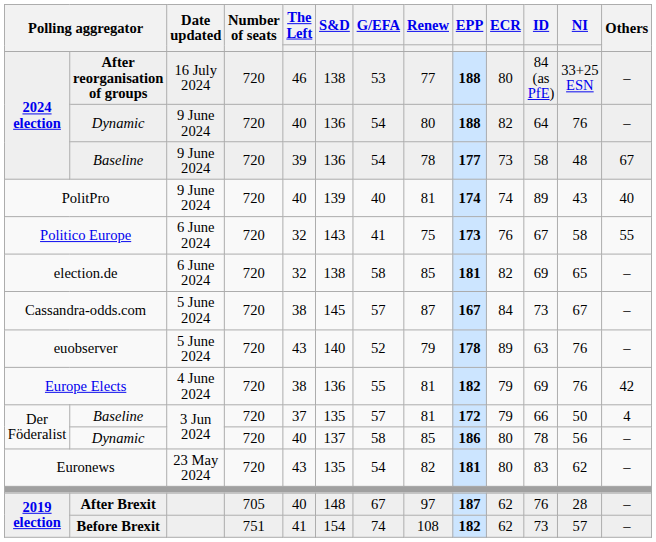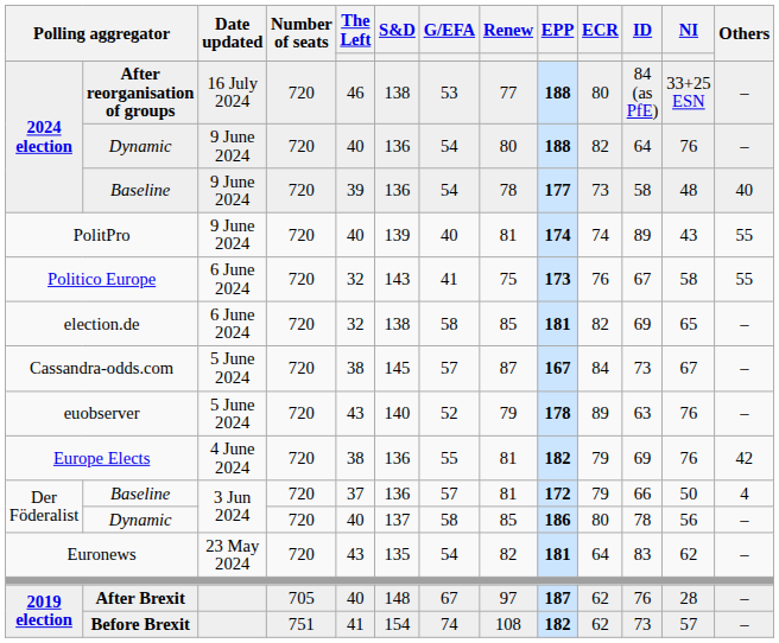 <table class="wikitable collapsible" style="text-align:center; font-size:95%; line-height:16px;">
 <tr style="height:42px;">
 <th colspan="2" rowspan="2">Polling aggregator</th>
 <th rowspan="2" style="width:100px;">Date updated</th>
 <th rowspan="2">Number of seats</th>
 <th class="unsortable" style="width:50px;"><a href='#'>The Left</a></th>
 <th class="unsortable" style="width:50px;"><a href='#'>S&D</a></th>
 <th class="unsortable" style="width:50px;"><a href='#'>G/EFA</a></th>
 <th class="unsortable" style="width:50px;"><a href='#'>Renew</a></th>
 <th class="unsortable" style="width:50px;"><a href='#'>EPP</a></th>
 <th class="unsortable" style="width:50px;"><a href='#'>ECR</a></th>
 <th class="unsortable" style="width:50px;"><a href='#'>ID</a></th>
 <th class="unsortable" style="width:50px;"><a href='#'>NI</a></th>
 <th rowspan="2" class="unsortable" style="width:50px;">Others</th>
 </tr>
 <tr>
 <th data-sort-type="number" style="color:inherit;background:"></th>
 <th data-sort-type="number" style="color:inherit;background:"></th>
 <th data-sort-type="number" style="color:inherit;background:"></th>
 <th data-sort-type="number" style="color:inherit;background:"></th>
 <th data-sort-type="number" style="color:inherit;background:"></th>
 <th data-sort-type="number" style="color:inherit;background:"></th>
 <th data-sort-type="number" style="color:inherit;background:"></th>
 <th data-sort-type="number" style="color:inherit;background:"></th>
 </tr>
 <tr style="background:#EFEFEF;">
 </tr>
 <tr>
 </tr>
 <tr style="background:#EFEFEF;">
 <td rowspan="3"><strong><a href='#'>2024 election</a></strong></td>
 <td><strong>After reorganisation of groups</strong></td>
 <td>16 July 2024</td>
 <td>720</td>
 <td>46</td>
 <td>138</td>
 <td>53</td>
 <td>77</td>
 <td style="background:#CCE5FF;"><strong>188</strong></td>
 <td>80</td>
 <td>84 (as <a href='#'>PfE</a>)</td>
 <td>33+25 <a href='#'>ESN</a></td>
 <td>–</td>
 </tr>
 <tr style="background:#EFEFEF;">
 <td><em>Dynamic</em></td>
 <td>9 June 2024</td>
 <td>720</td>
 <td>40</td>
 <td>136</td>
 <td>54</td>
 <td>80</td>
 <td style="background:#CCE5FF;"><strong>188</strong></td>
 <td>82</td>
 <td>64</td>
 <td>76</td>
 <td>–</td>
 </tr>
 <tr style="background:#EFEFEF;">
 <td><em>Baseline</em></td>
 <td>9 June 2024</td>
 <td>720</td>
 <td>39</td>
 <td>136</td>
 <td>54</td>
 <td>78</td>
 <td style="background:#CCE5FF;"><strong>177</strong></td>
 <td>73</td>
 <td>58</td>
 <td>48</td>
-<td>67</td>
+<td>40</td>
 </tr>
 <tr>
 <td colspan="2">PolitPro</td>
 <td>9 June 2024</td>
 <td>720</td>
 <td>40</td>
 <td>139</td>
 <td>40</td>
 <td>81</td>
 <td style="background:#CCE5FF;"><strong>174</strong></td>
 <td>74</td>
 <td>89</td>
 <td>43</td>
-<td>40</td>
+<td>55</td>
 </tr>
 <tr>
 <td colspan="2"><a href='#'>Politico Europe</a></td>
 <td>6 June 2024</td>
 <td>720</td>
 <td>32</td>
 <td>143</td>
 <td>41</td>
 <td>75</td>
 <td style="background:#CCE5FF;"><strong>173</strong></td>
 <td>76</td>
 <td>67</td>
 <td>58</td>
 <td>55</td>
 </tr>
 <tr>
 <td colspan="2">election.de</td>
 <td>6 June 2024</td>
 <td>720</td>
 <td>32</td>
 <td>138</td>
 <td>58</td>
 <td>85</td>
 <td style="background:#CCE5FF;"><strong>181</strong></td>
 <td>82</td>
 <td>69</td>
 <td>65</td>
 <td>–</td>
 </tr>
 <tr>
 <td colspan="2">Cassandra-odds.com</td>
 <td>5 June 2024</td>
 <td>720</td>
 <td>38</td>
 <td>145</td>
 <td>57</td>
 <td>87</td>
 <td style="background:#CCE5FF;"><strong>167</strong></td>
 <td>84</td>
 <td>73</td>
 <td>67</td>
 <td>–</td>
 </tr>
 <tr>
 <td colspan="2">euobserver</td>
 <td>5 June 2024</td>
 <td>720</td>
 <td>43</td>
 <td>140</td>
 <td>52</td>
 <td>79</td>
 <td style="background:#CCE5FF;"><strong>178</strong></td>
 <td>89</td>
 <td>63</td>
 <td>76</td>
 <td>–</td>
 </tr>
 <tr>
 <td colspan="2"><a href='#'>Europe Elects</a></td>
 <td>4 June 2024</td>
 <td>720</td>
 <td>38</td>
 <td>136</td>
 <td>55</td>
 <td>81</td>
 <td style="background:#CCE5FF;"><strong>182</strong></td>
 <td>79</td>
 <td>69</td>
 <td>76</td>
 <td>42</td>
 </tr>
 <tr>
 <td rowspan="2">Der Föderalist</td>
 <td><em>Baseline</em></td>
 <td rowspan="2">3 Jun 2024</td>
 <td>720</td>
 <td>37</td>
-<td>135</td>
+<td>136</td>
 <td>57</td>
 <td>81</td>
 <td style="background:#CCE5FF;"><strong>172</strong></td>
 <td>79</td>
 <td>66</td>
 <td>50</td>
 <td>4</td>
 </tr>
 <tr>
 <td><em>Dynamic</em></td>
 <td>720</td>
 <td>40</td>
 <td>137</td>
 <td>58</td>
 <td>85</td>
 <td style="background:#CCE5FF;"><strong>186</strong></td>
 <td>80</td>
 <td>78</td>
 <td>56</td>
 <td>–</td>
 </tr>
 <tr>
 <td colspan="2">Euronews</td>
 <td>23 May 2024</td>
 <td>720</td>
 <td>43</td>
 <td>135</td>
 <td>54</td>
 <td>82</td>
 <td style="background:#CCE5FF;"><strong>181</strong></td>
-<td>80</td>
+<td>64</td>
 <td>83</td>
 <td>62</td>
 <td>–</td>
 </tr>
 <tr>
 <td colspan="13" style="background:#A0A0A0"></td>
 </tr>
 <tr style="background:#EFEFEF;">
 <td rowspan="2"><strong><a href='#'>2019 election</a></strong></td>
 <td><strong>After Brexit</strong></td>
 <td></td>
 <td>705</td>
 <td>40</td>
 <td>148</td>
 <td>67</td>
 <td>97</td>
 <td style="background:#CCE5FF;"><strong>187</strong></td>
 <td>62</td>
 <td>76</td>
 <td>28</td>
 <td>–</td>
 </tr>
 <tr style="background:#EFEFEF;">
 <td><strong>Before Brexit</strong></td>
 <td></td>
 <td>751</td>
 <td>41</td>
 <td>154</td>
 <td>74</td>
 <td>108</td>
 <td style="background:#CCE5FF;"><strong>182</strong></td>
 <td>62</td>
 <td>73</td>
 <td>57</td>
 <td>–</td>
 </tr>
 </table>
